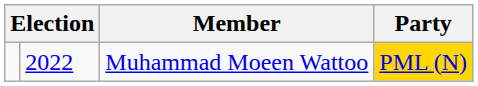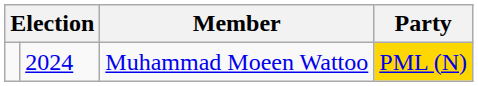 <table class="wikitable">
 <tr>
 <th colspan="2">Election</th>
 <th>Member</th>
 <th>Party</th>
 </tr>
 <tr>
 <td style="background-color: "></td>
-<td><a href='#'>2022</a></td>
+<td><a href='#'>2024</a></td>
 <td><a href='#'>Muhammad Moeen Wattoo</a></td>
 <td style="background: gold;"><a href='#'>PML (N)</a></td>
 </tr>
 </table>
